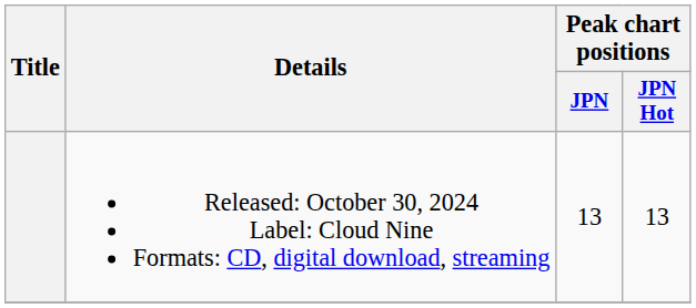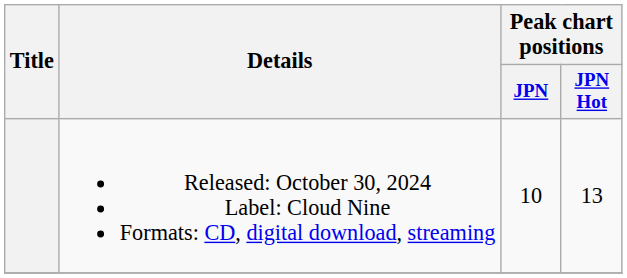 <table class="wikitable plainrowheaders" style="text-align:center;">
 <tr>
 <th scope="col" rowspan="2">Title</th>
 <th scope="col" rowspan="2">Details</th>
 <th scope="col" colspan="2">Peak chart positions</th>
 </tr>
 <tr>
 <th scope="col" style="width:2.75em;font-size:85%;"><a href='#'>JPN</a><br></th>
 <th scope="col" style="width:2.75em;font-size:85%;"><a href='#'>JPN Hot</a><br></th>
 </tr>
 <tr>
 <th scope="row"></th>
 <td><br><ul><li>Released: October 30, 2024</li><li>Label: Cloud Nine</li><li>Formats: <a href='#'>CD</a>, <a href='#'>digital download</a>, <a href='#'>streaming</a></li></ul></td>
-<td>13</td>
+<td>10</td>
 <td>13</td>
 </tr>
 <tr>
 </tr>
 </table>
